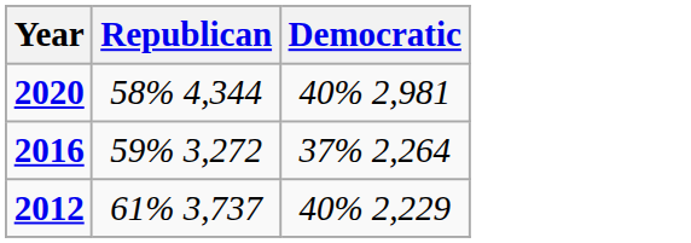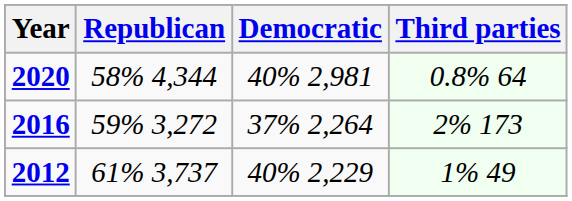 <table class="wikitable" align="center" style="float:center; margin: 1em 1em 1em 0; font-size: 95%;">
 <tr>
 <th>Year</th>
 <th><a href='#'>Republican</a></th>
 <th><a href='#'>Democratic</a></th>
+<th><a href='#'>Third parties</a></th>
 </tr>
 <tr>
 <td style="text-align:center; "><strong><a href='#'>2020</a></strong></td>
 <td style="text-align:center; "><em>58%</em> <em>4,344</em></td>
 <td style="text-align:center; "><em>40%</em> <em>2,981</em></td>
+<td style="text-align:center; background:honeyDew;"><em>0.8%</em> <em>64</em></td>
 </tr>
 <tr>
 <td style="text-align:center; "><strong><a href='#'>2016</a></strong></td>
 <td style="text-align:center; "><em>59%</em> <em>3,272</em></td>
 <td style="text-align:center; "><em>37%</em> <em>2,264</em></td>
+<td style="text-align:center; background:honeyDew;"><em>2%</em> <em>173</em></td>
 </tr>
 <tr>
 <td style="text-align:center; "><strong><a href='#'>2012</a></strong></td>
 <td style="text-align:center; "><em>61%</em> <em>3,737</em></td>
 <td style="text-align:center; "><em>40%</em> <em>2,229</em></td>
+<td style="text-align:center; background:honeyDew;"><em>1%</em> <em>49</em></td>
 </tr>
 </table>
